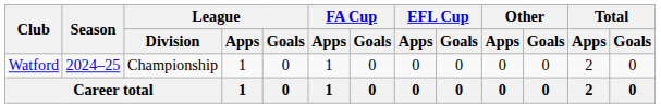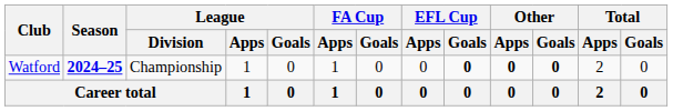 <table class=wikitable style=text-align:center>
 <tr>
 <th rowspan="2">Club</th>
 <th rowspan="2">Season</th>
 <th colspan="3">League</th>
 <th colspan="2"><a href='#'>FA Cup</a></th>
 <th colspan="2"><a href='#'>EFL Cup</a></th>
 <th colspan="2">Other</th>
 <th colspan="2">Total</th>
 </tr>
 <tr>
 <th>Division</th>
 <th>Apps</th>
 <th>Goals</th>
 <th>Apps</th>
 <th>Goals</th>
 <th>Apps</th>
 <th>Goals</th>
 <th>Apps</th>
 <th>Goals</th>
 <th>Apps</th>
 <th>Goals</th>
 </tr>
 <tr>
 <td rowspan="1"><a href='#'>Watford</a></td>
-<td><a href='#'>2024–25</a></td>
+<td><strong><a href='#'>2024–25</a></strong></td>
 <td>Championship</td>
 <td>1</td>
 <td>0</td>
 <td>1</td>
 <td>0</td>
 <td>0</td>
-<td>0</td>
-<td>0</td>
-<td>0</td>
+<td><strong>0</strong></td>
+<td><strong>0</strong></td>
+<td><strong>0</strong></td>
 <td>2</td>
 <td>0</td>
 </tr>
 <tr>
 <th colspan="3">Career total</th>
 <th>1</th>
 <th>0</th>
 <th>1</th>
 <th>0</th>
 <th>0</th>
 <th>0</th>
 <th>0</th>
 <th>0</th>
 <th>2</th>
 <th>0</th>
 </tr>
 </table>
